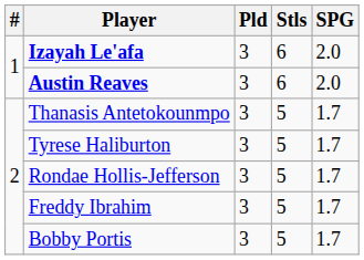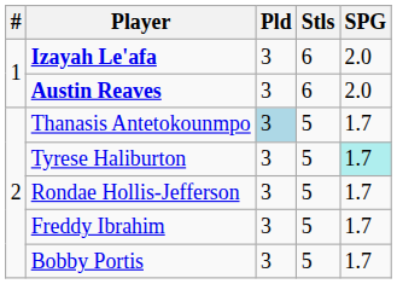 <table class=wikitable width=auto>
 <tr>
 <th>#</th>
 <th>Player</th>
 <th>Pld</th>
 <th>Stls</th>
 <th>SPG</th>
 </tr>
 <tr>
 <td rowspan=2>1</td>
 <td> <strong><a href='#'>Izayah Le'afa</a></strong></td>
 <td>3</td>
 <td>6</td>
 <td>2.0</td>
 </tr>
 <tr>
 <td> <strong><a href='#'>Austin Reaves</a></strong></td>
 <td>3</td>
 <td>6</td>
 <td>2.0</td>
 </tr>
 <tr>
 <td rowspan=5>2</td>
 <td> <a href='#'>Thanasis Antetokounmpo</a></td>
-<td>3</td>
+<td style="background: lightblue;">3</td>
 <td>5</td>
 <td>1.7</td>
 </tr>
 <tr>
 <td> <a href='#'>Tyrese Haliburton</a></td>
 <td>3</td>
 <td>5</td>
-<td>1.7</td>
+<td style="background: paleturquoise;">1.7</td>
 </tr>
 <tr>
 <td> <a href='#'>Rondae Hollis-Jefferson</a></td>
 <td>3</td>
 <td>5</td>
 <td>1.7</td>
 </tr>
 <tr>
 <td> <a href='#'>Freddy Ibrahim</a></td>
 <td>3</td>
 <td>5</td>
 <td>1.7</td>
 </tr>
 <tr>
 <td> <a href='#'>Bobby Portis</a></td>
 <td>3</td>
 <td>5</td>
 <td>1.7</td>
 </tr>
 </table>
